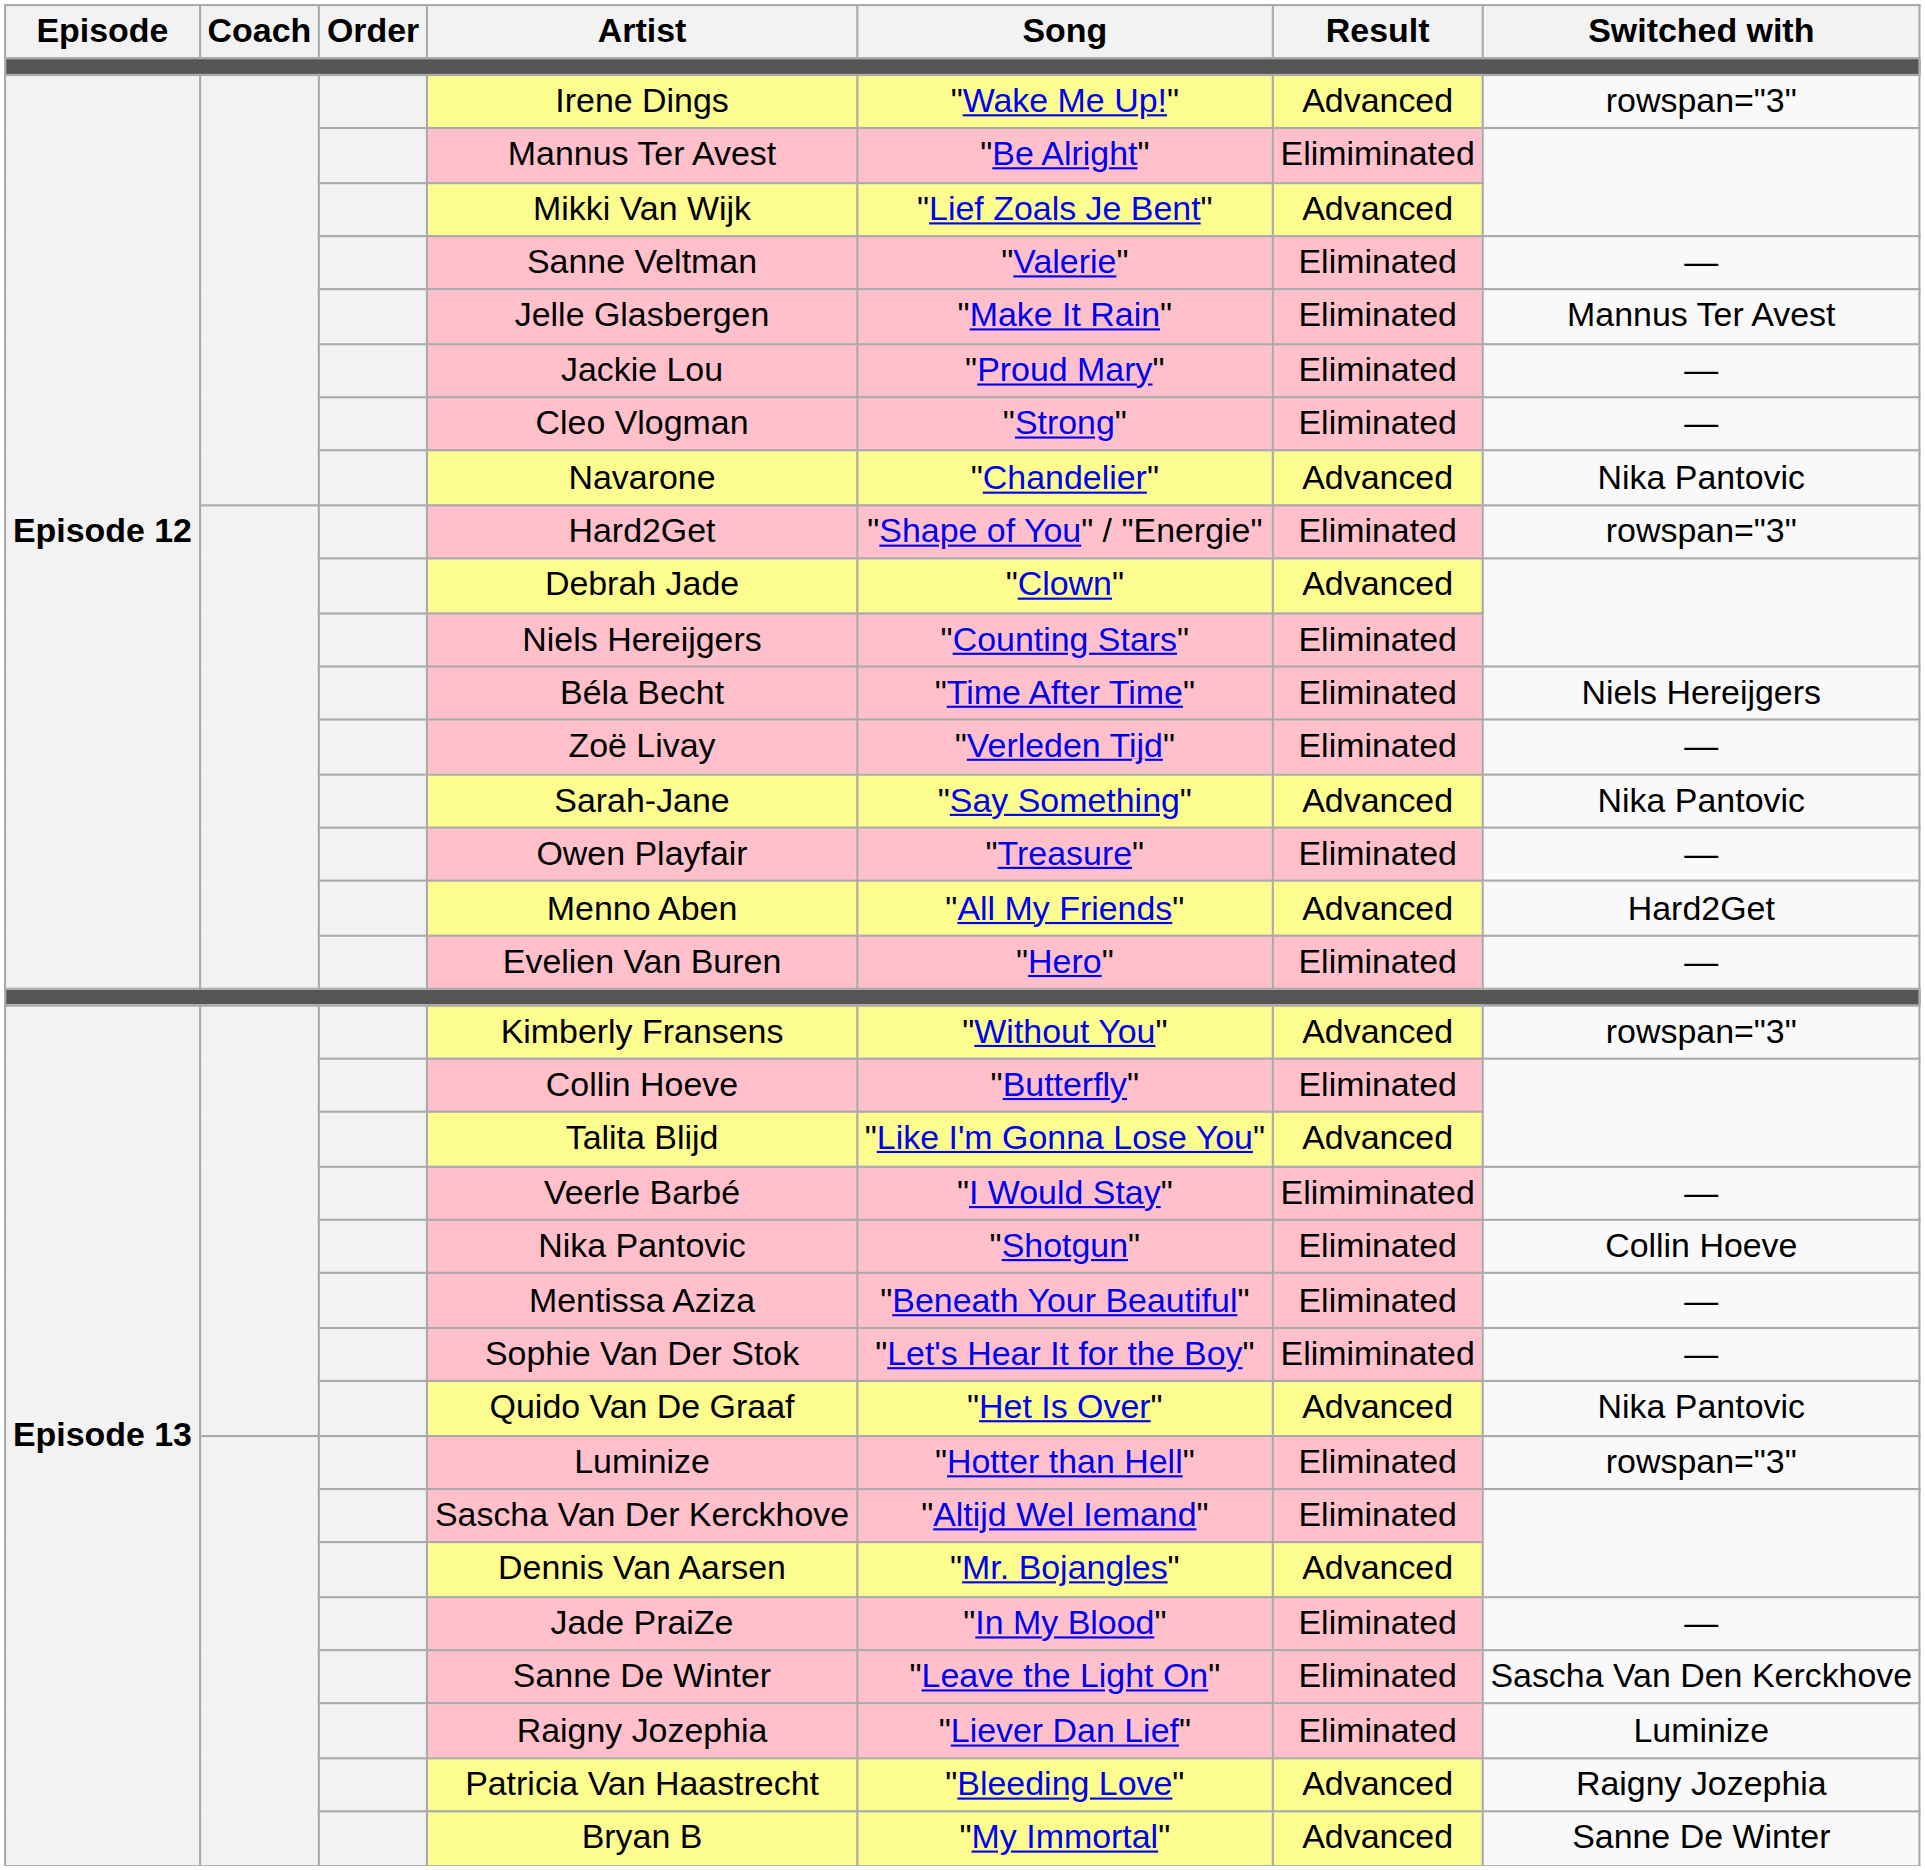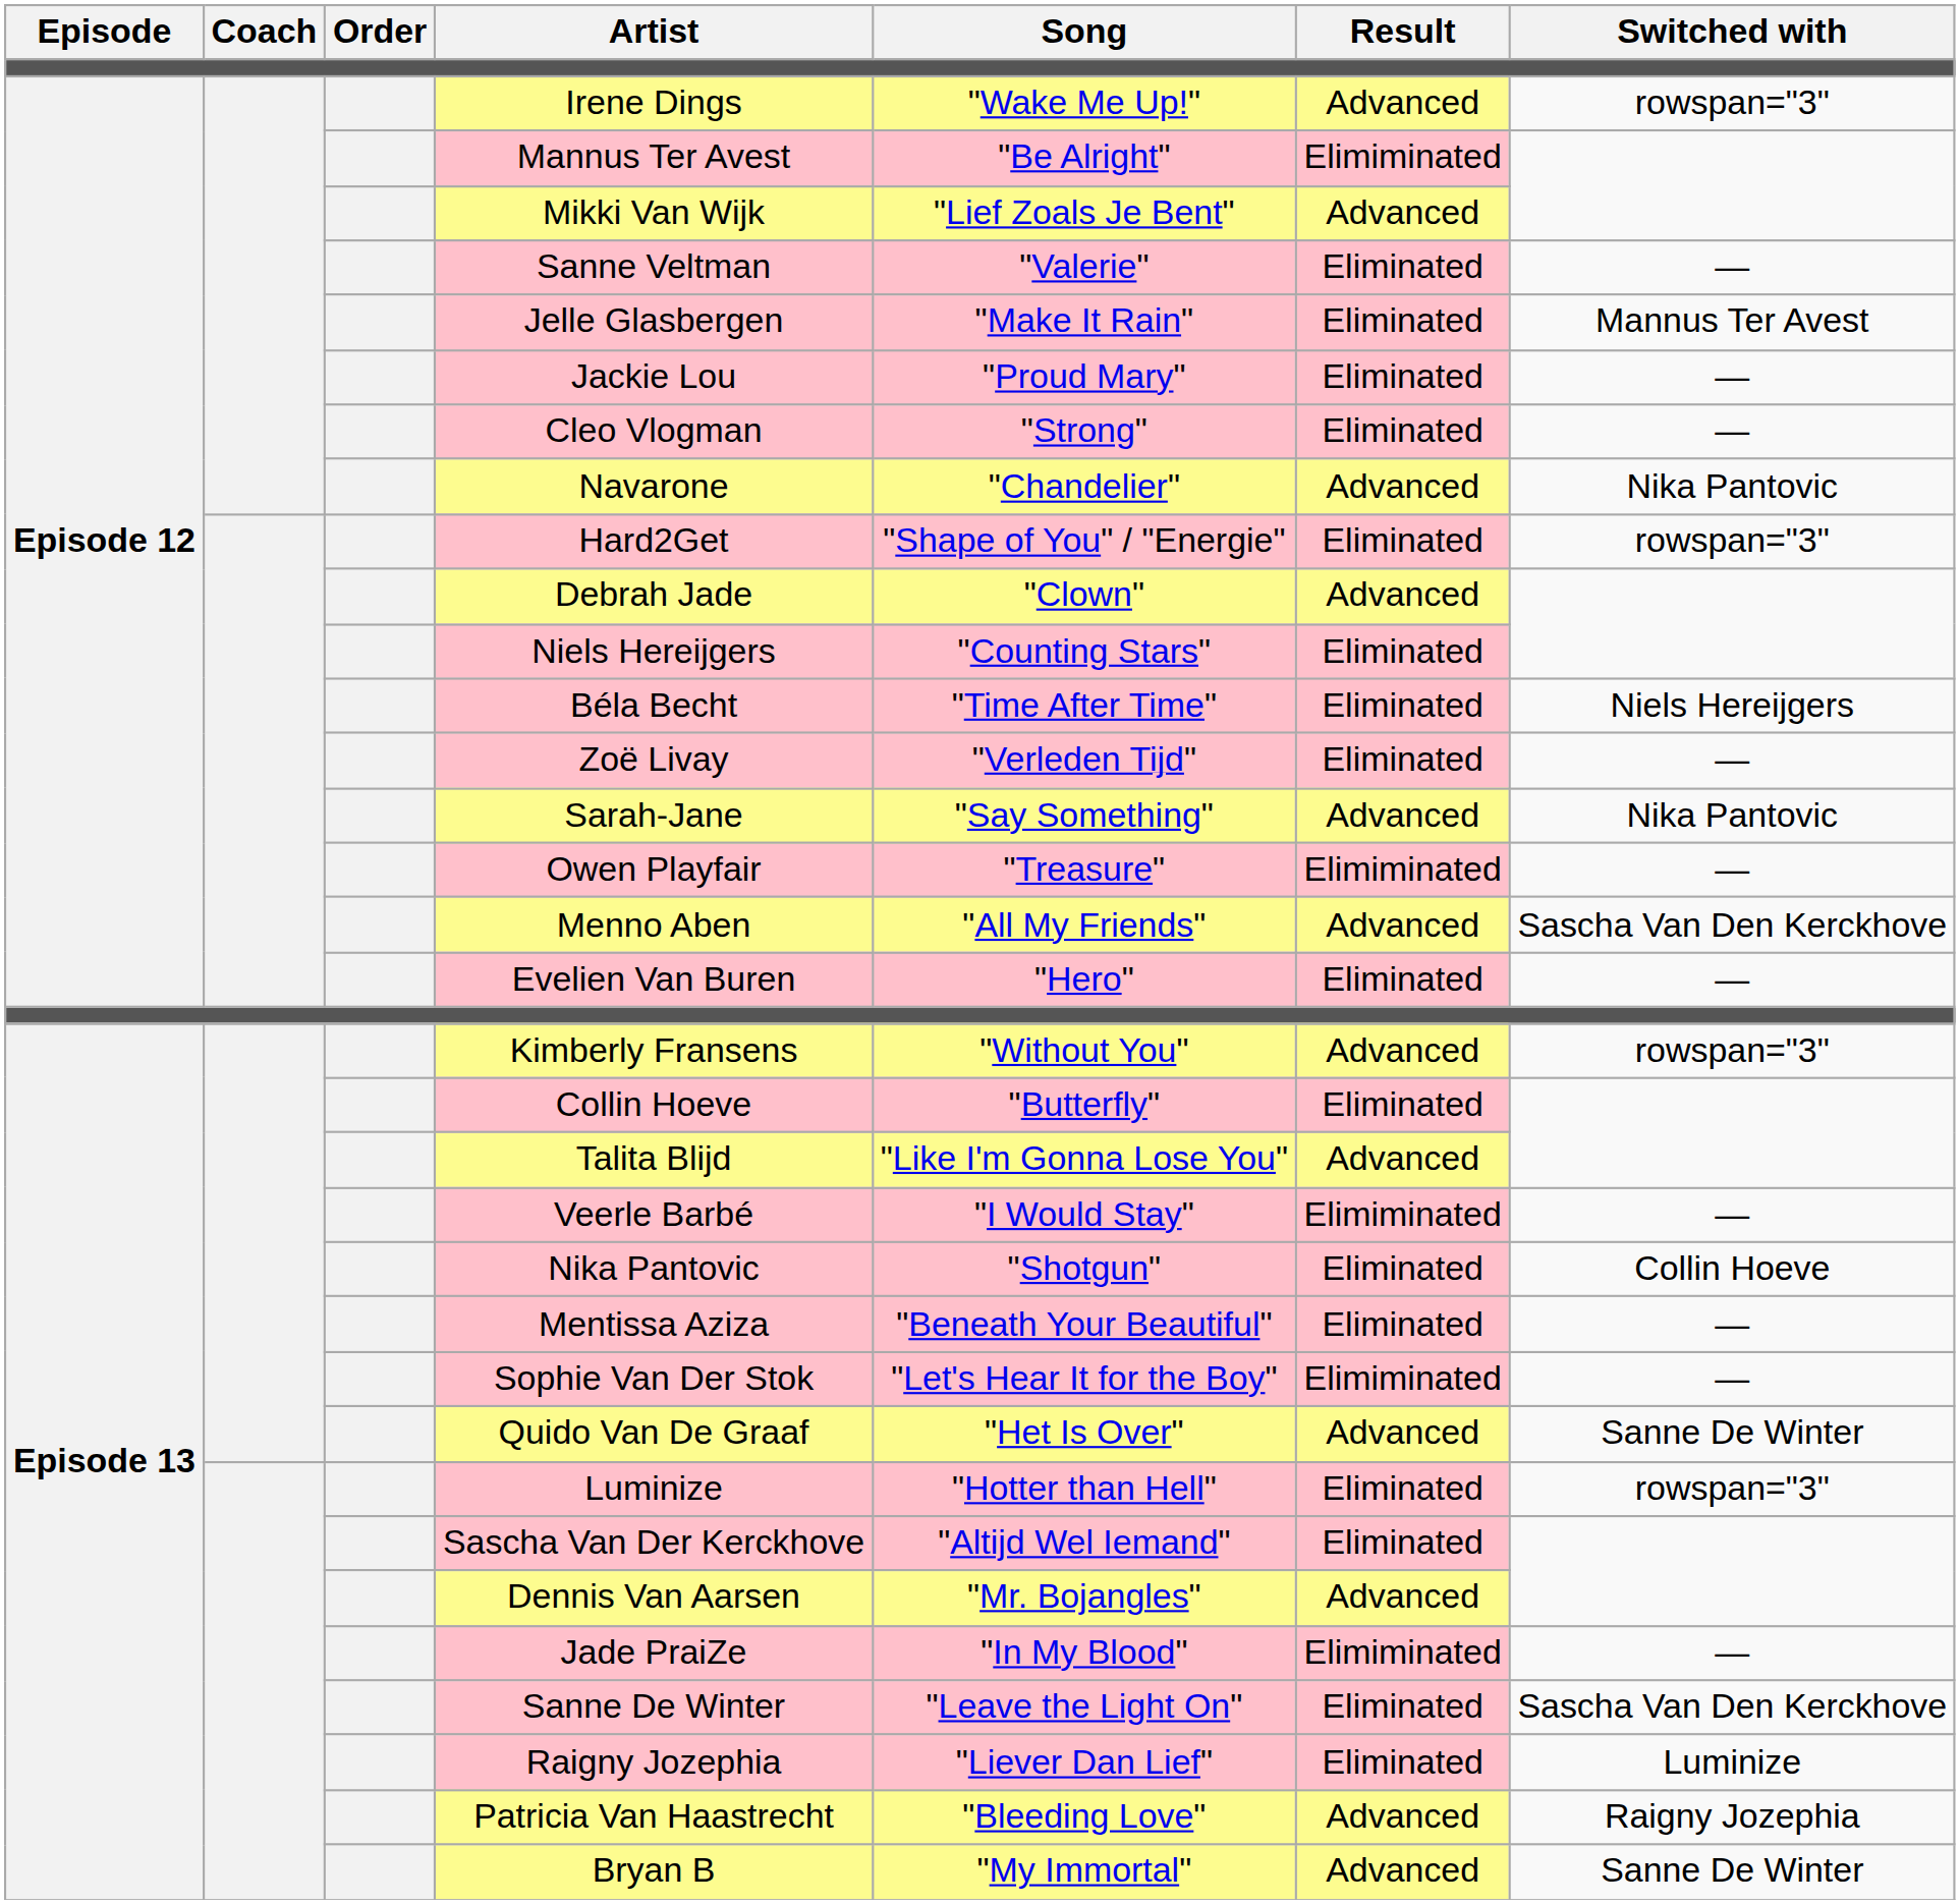 <table class="wikitable plainrowheaders" style="text-align: center;">
 <tr>
 <th scope="col">Episode</th>
 <th>Coach</th>
 <th>Order</th>
 <th>Artist</th>
 <th>Song</th>
 <th>Result</th>
 <th>Switched with</th>
 </tr>
 <tr>
 <td colspan="11" style="background:#555;"></td>
 </tr>
 <tr>
 <th rowspan="17">Episode 12<br><small></small></th>
 <th rowspan="8" scope="row"></th>
 <th scope="row"></th>
 <td style="background:#fdfc8f;">Irene Dings</td>
 <td style="background:#fdfc8f;">"<a href='#'>Wake Me Up!</a>"</td>
 <td style="background:#fdfc8f;">Advanced</td>
 <td>rowspan="3" </td>
 </tr>
 <tr>
 <th scope="row"></th>
 <td style="background:pink;">Mannus Ter Avest</td>
 <td style="background:pink;">"<a href='#'>Be Alright</a>"</td>
 <td style="background:pink;">Elimiminated</td>
 </tr>
 <tr>
 <th scope="row"></th>
 <td style="background:#fdfc8f;">Mikki Van Wijk</td>
 <td style="background:#fdfc8f;">"<a href='#'>Lief Zoals Je Bent</a>"</td>
 <td style="background:#fdfc8f;">Advanced</td>
 </tr>
 <tr>
 <th scope="row"></th>
 <td style="background:pink;">Sanne Veltman</td>
 <td style="background:pink;">"<a href='#'>Valerie</a>"</td>
 <td style="background:pink;">Eliminated</td>
 <td>—</td>
 </tr>
 <tr>
 <th scope="row"></th>
 <td style="background:pink;">Jelle Glasbergen</td>
 <td style="background:pink;">"<a href='#'>Make It Rain</a>"</td>
 <td style="background:pink;">Eliminated</td>
 <td>Mannus Ter Avest</td>
 </tr>
 <tr>
 <th scope="row"></th>
 <td style="background:pink;">Jackie Lou</td>
 <td style="background:pink;">"<a href='#'>Proud Mary</a>"</td>
 <td style="background:pink;">Eliminated</td>
 <td>—</td>
 </tr>
 <tr>
 <th scope="row"></th>
 <td style="background:pink;">Cleo Vlogman</td>
 <td style="background:pink;">"<a href='#'>Strong</a>"</td>
 <td style="background:pink;">Eliminated</td>
 <td>—</td>
 </tr>
 <tr>
 <th scope="row"></th>
 <td style="background:#fdfc8f;">Navarone</td>
 <td style="background:#fdfc8f;">"<a href='#'>Chandelier</a>"</td>
 <td style="background:#fdfc8f;">Advanced</td>
 <td>Nika Pantovic</td>
 </tr>
 <tr>
 <th rowspan="9" scope="row"></th>
 <th scope="row"></th>
 <td style="background:pink;">Hard2Get</td>
 <td style="background:pink;">"<a href='#'>Shape of You</a>" / "Energie"</td>
 <td style="background:pink;">Eliminated</td>
 <td>rowspan="3" </td>
 </tr>
 <tr>
 <th scope="row"></th>
 <td style="background:#fdfc8f;">Debrah Jade</td>
 <td style="background:#fdfc8f;">"<a href='#'>Clown</a>"</td>
 <td style="background:#fdfc8f;">Advanced</td>
 </tr>
 <tr>
 <th scope="row"></th>
 <td style="background:pink;">Niels Hereijgers</td>
 <td style="background:pink;">"<a href='#'>Counting Stars</a>"</td>
 <td style="background:pink;">Eliminated</td>
 </tr>
 <tr>
 <th scope="row"></th>
 <td style="background:pink;">Béla Becht</td>
 <td style="background:pink;">"<a href='#'>Time After Time</a>"</td>
 <td style="background:pink;">Eliminated</td>
 <td>Niels Hereijgers</td>
 </tr>
 <tr>
 <th scope="row"></th>
 <td style="background:pink;">Zoë Livay</td>
 <td style="background:pink;">"<a href='#'>Verleden Tijd</a>"</td>
 <td style="background:pink;">Eliminated</td>
 <td>—</td>
 </tr>
 <tr>
 <th scope="row"></th>
 <td style="background:#fdfc8f;">Sarah-Jane</td>
 <td style="background:#fdfc8f;">"<a href='#'>Say Something</a>"</td>
 <td style="background:#fdfc8f;">Advanced</td>
 <td>Nika Pantovic</td>
 </tr>
 <tr>
 <th scope="row"></th>
 <td style="background:pink;">Owen Playfair</td>
 <td style="background:pink;">"<a href='#'>Treasure</a>"</td>
-<td style="background:pink;">Eliminated</td>
+<td style="background:pink;">Elimiminated</td>
 <td>—</td>
 </tr>
 <tr>
 <th scope="row"></th>
 <td style="background:#fdfc8f;">Menno Aben</td>
 <td style="background:#fdfc8f;">"<a href='#'>All My Friends</a>"</td>
 <td style="background:#fdfc8f;">Advanced</td>
-<td>Hard2Get</td>
+<td>Sascha Van Den Kerckhove</td>
 </tr>
 <tr>
 <th scope="row"></th>
 <td style="background:pink;">Evelien Van Buren</td>
 <td style="background:pink;">"<a href='#'>Hero</a>"</td>
 <td style="background:pink;">Eliminated</td>
 <td>—</td>
 </tr>
 <tr>
 <td colspan="9" style="background:#555;"></td>
 </tr>
 <tr>
 <th rowspan="16">Episode 13<br><small></small></th>
 <th rowspan="8" scope="row"></th>
 <th scope="row"></th>
 <td style="background:#fdfc8f;">Kimberly Fransens</td>
 <td style="background:#fdfc8f;">"<a href='#'>Without You</a>"</td>
 <td style="background:#fdfc8f;">Advanced</td>
 <td>rowspan="3" </td>
 </tr>
 <tr>
 <th scope="row"></th>
 <td style="background:pink;">Collin Hoeve</td>
 <td style="background:pink;">"<a href='#'>Butterfly</a>"</td>
 <td style="background:pink;">Eliminated</td>
 </tr>
 <tr>
 <th scope="row"></th>
 <td style="background:#fdfc8f;">Talita Blijd</td>
 <td style="background:#fdfc8f;">"<a href='#'>Like I'm Gonna Lose You</a>"</td>
 <td style="background:#fdfc8f;">Advanced</td>
 </tr>
 <tr>
 <th scope="row"></th>
 <td style="background:pink;">Veerle Barbé</td>
 <td style="background:pink;">"<a href='#'>I Would Stay</a>"</td>
 <td style="background:pink;">Elimiminated</td>
 <td>—</td>
 </tr>
 <tr>
 <th scope="row"></th>
 <td style="background:pink;">Nika Pantovic</td>
 <td style="background:pink;">"<a href='#'>Shotgun</a>"</td>
 <td style="background:pink;">Eliminated</td>
 <td>Collin Hoeve</td>
 </tr>
 <tr>
 <th scope="row"></th>
 <td style="background:pink;">Mentissa Aziza</td>
 <td style="background:pink;">"<a href='#'>Beneath Your Beautiful</a>"</td>
 <td style="background:pink;">Eliminated</td>
 <td>—</td>
 </tr>
 <tr>
 <th scope="row"></th>
 <td style="background:pink;">Sophie Van Der Stok</td>
 <td style="background:pink;">"<a href='#'>Let's Hear It for the Boy</a>"</td>
 <td style="background:pink;">Elimiminated</td>
 <td>—</td>
 </tr>
 <tr>
 <th scope="row"></th>
 <td style="background:#fdfc8f;">Quido Van De Graaf</td>
 <td style="background:#fdfc8f;">"<a href='#'>Het Is Over</a>"</td>
 <td style="background:#fdfc8f;">Advanced</td>
-<td>Nika Pantovic</td>
+<td>Sanne De Winter</td>
 </tr>
 <tr>
 <th rowspan="8" scope="row"></th>
 <th scope="row"></th>
 <td style="background:pink;">Luminize</td>
 <td style="background:pink;">"<a href='#'>Hotter than Hell</a>"</td>
 <td style="background:pink;">Eliminated</td>
 <td>rowspan="3" </td>
 </tr>
 <tr>
 <th scope="row"></th>
 <td style="background:pink;">Sascha Van Der Kerckhove</td>
 <td style="background:pink;">"<a href='#'>Altijd Wel Iemand</a>"</td>
 <td style="background:pink;">Eliminated</td>
 </tr>
 <tr>
 <th scope="row"></th>
 <td style="background:#fdfc8f;">Dennis Van Aarsen</td>
 <td style="background:#fdfc8f;">"<a href='#'>Mr. Bojangles</a>"</td>
 <td style="background:#fdfc8f;">Advanced</td>
 </tr>
 <tr>
 <th scope="row"></th>
 <td style="background:pink;">Jade PraiZe</td>
 <td style="background:pink;">"<a href='#'>In My Blood</a>"</td>
-<td style="background:pink;">Eliminated</td>
+<td style="background:pink;">Elimiminated</td>
 <td>—</td>
 </tr>
 <tr>
 <th scope="row"></th>
 <td style="background:pink;">Sanne De Winter</td>
 <td style="background:pink;">"<a href='#'>Leave the Light On</a>"</td>
 <td style="background:pink;">Eliminated</td>
 <td>Sascha Van Den Kerckhove</td>
 </tr>
 <tr>
 <th scope="row"></th>
 <td style="background:pink;">Raigny Jozephia</td>
 <td style="background:pink;">"<a href='#'>Liever Dan Lief</a>"</td>
 <td style="background:pink;">Eliminated</td>
 <td>Luminize</td>
 </tr>
 <tr>
 <th scope="row"></th>
 <td style="background:#fdfc8f;">Patricia Van Haastrecht</td>
 <td style="background:#fdfc8f;">"<a href='#'>Bleeding Love</a>"</td>
 <td style="background:#fdfc8f;">Advanced</td>
 <td>Raigny Jozephia</td>
 </tr>
 <tr>
 <th scope="row"></th>
 <td style="background:#fdfc8f;">Bryan B</td>
 <td style="background:#fdfc8f;">"<a href='#'>My Immortal</a>"</td>
 <td style="background:#fdfc8f;">Advanced</td>
 <td>Sanne De Winter</td>
 </tr>
 <tr>
 </tr>
 </table>
